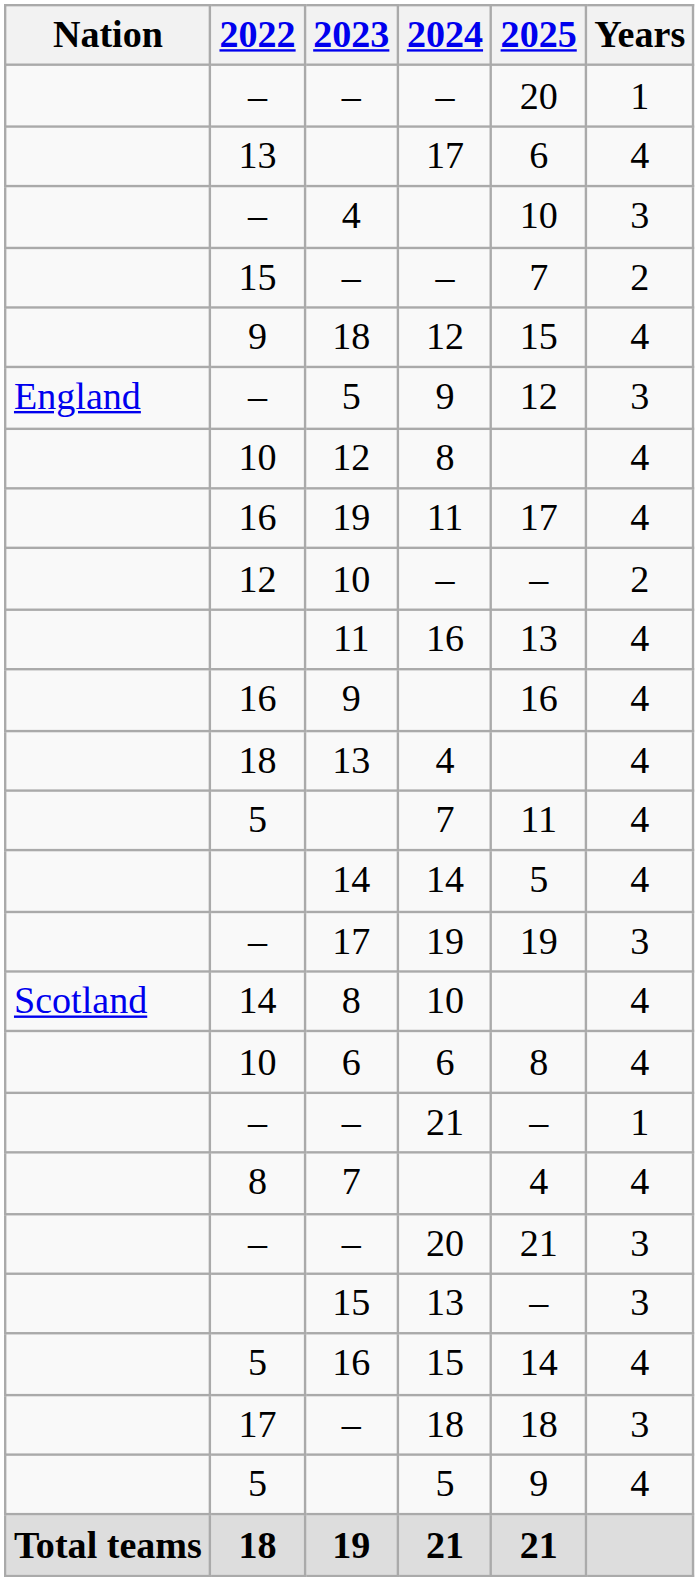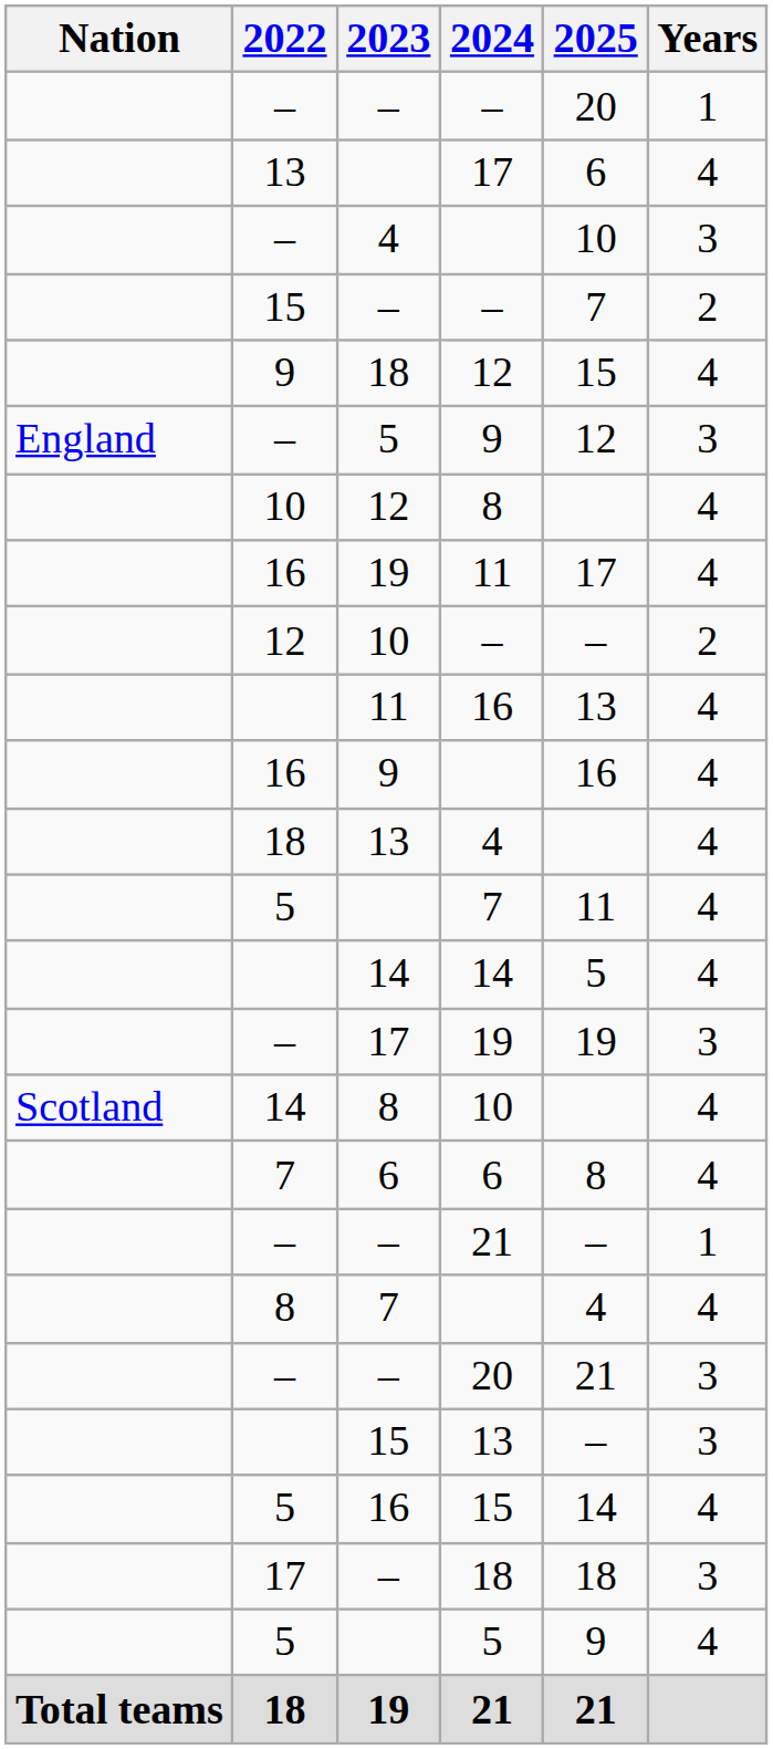 <table class="wikitable sortable" style="text-align:center">
 <tr>
 <th>Nation</th>
 <th><a href='#'>2022</a></th>
 <th><a href='#'>2023</a></th>
 <th><a href='#'>2024</a></th>
 <th><a href='#'>2025</a></th>
 <th>Years</th>
 </tr>
 <tr>
 <td align=left></td>
 <td>–</td>
 <td>–</td>
 <td>–</td>
 <td>20</td>
 <td>1</td>
 </tr>
 <tr>
 <td align=left></td>
 <td>13</td>
 <td></td>
 <td>17</td>
 <td>6</td>
 <td>4</td>
 </tr>
 <tr>
 <td align=left></td>
 <td>–</td>
 <td>4</td>
 <td></td>
 <td>10</td>
 <td>3</td>
 </tr>
 <tr>
 <td align=left></td>
 <td>15</td>
 <td>–</td>
 <td>–</td>
 <td>7</td>
 <td>2</td>
 </tr>
 <tr>
 <td align=left></td>
 <td>9</td>
 <td>18</td>
 <td>12</td>
 <td>15</td>
 <td>4</td>
 </tr>
 <tr>
 <td align=left> <a href='#'>England</a></td>
 <td>–</td>
 <td>5</td>
 <td>9</td>
 <td>12</td>
 <td>3</td>
 </tr>
 <tr>
 <td align=left></td>
 <td>10</td>
 <td>12</td>
 <td>8</td>
 <td></td>
 <td>4</td>
 </tr>
 <tr>
 <td align=left></td>
 <td>16</td>
 <td>19</td>
 <td>11</td>
 <td>17</td>
 <td>4</td>
 </tr>
 <tr>
 <td align=left></td>
 <td>12</td>
 <td>10</td>
 <td>–</td>
 <td>–</td>
 <td>2</td>
 </tr>
 <tr>
 <td align=left></td>
 <td></td>
 <td>11</td>
 <td>16</td>
 <td>13</td>
 <td>4</td>
 </tr>
 <tr>
 <td align=left></td>
 <td>16</td>
 <td>9</td>
 <td></td>
 <td>16</td>
 <td>4</td>
 </tr>
 <tr>
 <td align=left></td>
 <td>18</td>
 <td>13</td>
 <td>4</td>
 <td></td>
 <td>4</td>
 </tr>
 <tr>
 <td align=left></td>
 <td>5</td>
 <td></td>
 <td>7</td>
 <td>11</td>
 <td>4</td>
 </tr>
 <tr>
 <td align=left></td>
 <td></td>
 <td>14</td>
 <td>14</td>
 <td>5</td>
 <td>4</td>
 </tr>
 <tr>
 <td align=left></td>
 <td>–</td>
 <td>17</td>
 <td>19</td>
 <td>19</td>
 <td>3</td>
 </tr>
 <tr>
 <td align=left> <a href='#'>Scotland</a></td>
 <td>14</td>
 <td>8</td>
 <td>10</td>
 <td></td>
 <td>4</td>
 </tr>
 <tr>
 <td align=left></td>
-<td>10</td>
+<td>7</td>
 <td>6</td>
 <td>6</td>
 <td>8</td>
 <td>4</td>
 </tr>
 <tr>
 <td align=left></td>
 <td>–</td>
 <td>–</td>
 <td>21</td>
 <td>–</td>
 <td>1</td>
 </tr>
 <tr>
 <td align=left></td>
 <td>8</td>
 <td>7</td>
 <td></td>
 <td>4</td>
 <td>4</td>
 </tr>
 <tr>
 <td align=left></td>
 <td>–</td>
 <td>–</td>
 <td>20</td>
 <td>21</td>
 <td>3</td>
 </tr>
 <tr>
 <td align=left></td>
 <td></td>
 <td>15</td>
 <td>13</td>
 <td>–</td>
 <td>3</td>
 </tr>
 <tr>
 <td align=left></td>
 <td>5</td>
 <td>16</td>
 <td>15</td>
 <td>14</td>
 <td>4</td>
 </tr>
 <tr>
 <td align=left></td>
 <td>17</td>
 <td>–</td>
 <td>18</td>
 <td>18</td>
 <td>3</td>
 </tr>
 <tr>
 <td align=left></td>
 <td>5</td>
 <td></td>
 <td>5</td>
 <td>9</td>
 <td>4</td>
 </tr>
 <tr style="background:#ddd" class="sortbottom">
 <td align=left><strong>Total teams</strong></td>
 <td><strong>18</strong></td>
 <td><strong>19</strong></td>
 <td><strong>21</strong></td>
 <td><strong>21</strong></td>
 <td></td>
 </tr>
 </table>
